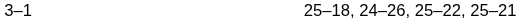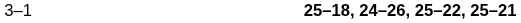 <table>
 <tr>
 <th width=200></th>
 <th width=80></th>
 <th width=200></th>
 <th width=220></th>
 </tr>
 <tr>
 <td align=right><strong></strong></td>
 <td>3–1</td>
 <td></td>
-<td>25–18, 24–26, 25–22, 25–21</td>
+<td><strong>25–18, 24–26, 25–22, 25–21</strong></td>
 </tr>
 </table>
